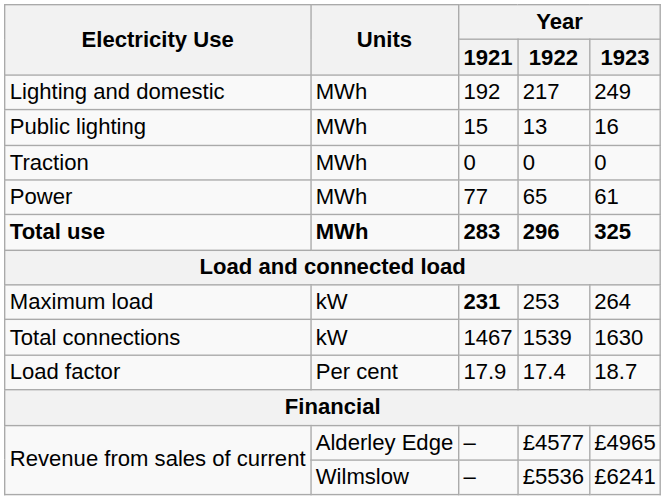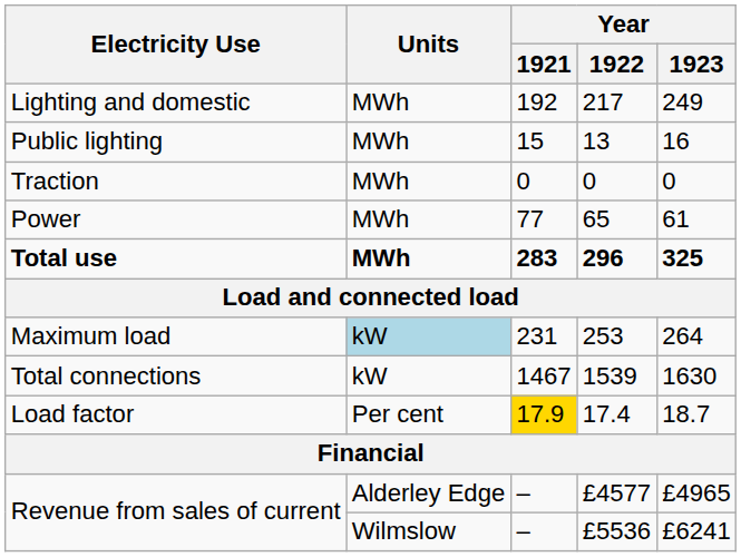 <table class="wikitable">
 <tr>
 <th rowspan="2">Electricity Use</th>
 <th rowspan="2">Units</th>
 <th colspan="3">Year</th>
 </tr>
 <tr>
 <th>1921</th>
 <th>1922</th>
 <th>1923</th>
 </tr>
 <tr>
 <td>Lighting and domestic</td>
 <td>MWh</td>
 <td>192</td>
 <td>217</td>
 <td>249</td>
 </tr>
 <tr>
 <td>Public lighting</td>
 <td>MWh</td>
 <td>15</td>
 <td>13</td>
 <td>16</td>
 </tr>
 <tr>
 <td>Traction</td>
 <td>MWh</td>
 <td>0</td>
 <td>0</td>
 <td>0</td>
 </tr>
 <tr>
 <td>Power</td>
 <td>MWh</td>
 <td>77</td>
 <td>65</td>
 <td>61</td>
 </tr>
 <tr>
 <td><strong>Total use</strong></td>
 <td><strong>MWh</strong></td>
 <td><strong>283</strong></td>
 <td><strong>296</strong></td>
 <td><strong>325</strong></td>
 </tr>
 <tr>
 <th colspan="5">Load and connected load</th>
 </tr>
 <tr>
 <td>Maximum load</td>
-<td>kW</td>
-<td><strong>231</strong></td>
+<td style="background: lightblue;">kW</td>
+<td>231</td>
 <td>253</td>
 <td>264</td>
 </tr>
 <tr>
 <td>Total connections</td>
 <td>kW</td>
 <td>1467</td>
 <td>1539</td>
 <td>1630</td>
 </tr>
 <tr>
 <td>Load factor</td>
 <td>Per cent</td>
-<td>17.9</td>
+<td style="background: gold;">17.9</td>
 <td>17.4</td>
 <td>18.7</td>
 </tr>
 <tr>
 <th colspan="5">Financial</th>
 </tr>
 <tr>
 <td rowspan="2">Revenue from sales of current</td>
 <td>Alderley Edge</td>
 <td>–</td>
 <td>£4577</td>
 <td>£4965</td>
 </tr>
 <tr>
 <td>Wilmslow</td>
 <td>–</td>
 <td>£5536</td>
 <td>£6241</td>
 </tr>
 </table>
